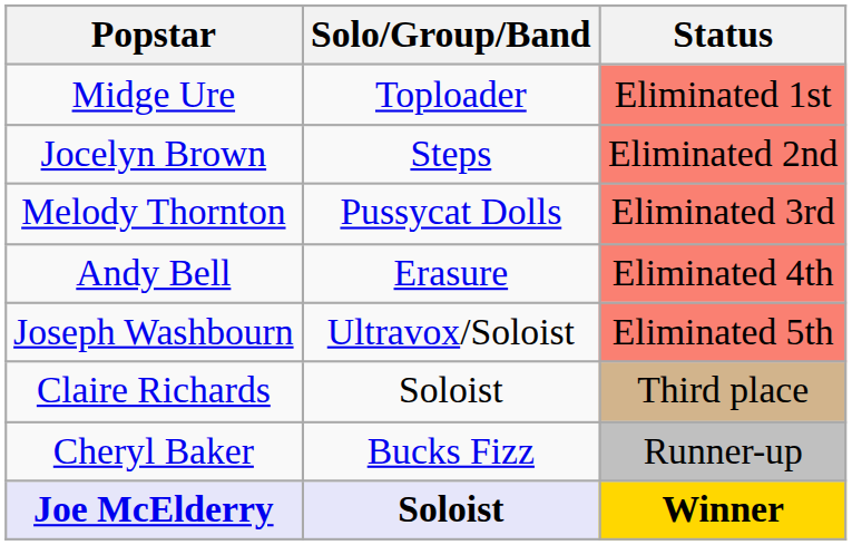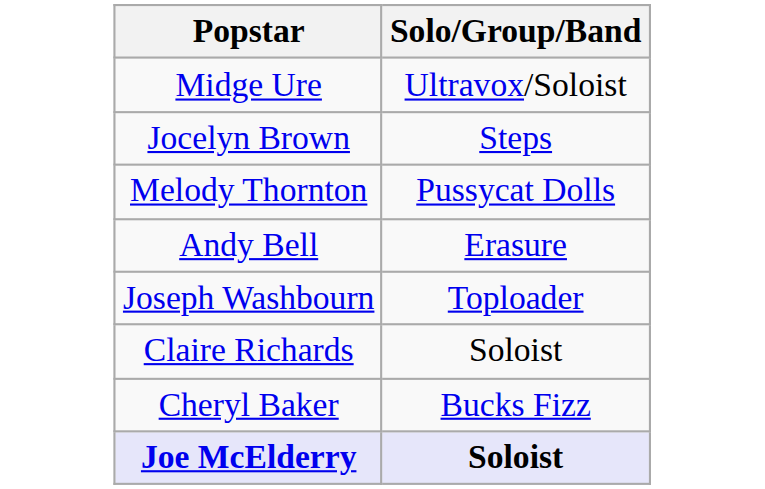 <table class="wikitable" style="margin: auto; text-align: center;">
 <tr>
 <th>Popstar</th>
 <th>Solo/Group/Band</th>
-<th>Status</th>
 </tr>
 <tr>
 <td><a href='#'>Midge Ure</a></td>
-<td><a href='#'>Toploader</a></td>
-<td style="background:salmon">Eliminated 1st</td>
+<td><a href='#'>Ultravox</a>/Soloist</td>
 </tr>
 <tr>
 <td><a href='#'>Jocelyn Brown</a></td>
 <td><a href='#'>Steps</a></td>
-<td style="background:salmon">Eliminated 2nd</td>
 </tr>
 <tr>
 <td><a href='#'>Melody Thornton</a></td>
 <td><a href='#'>Pussycat Dolls</a></td>
-<td style="background:salmon">Eliminated 3rd</td>
 </tr>
 <tr>
 <td><a href='#'>Andy Bell</a></td>
 <td><a href='#'>Erasure</a></td>
-<td style="background:salmon">Eliminated 4th</td>
 </tr>
 <tr>
 <td><a href='#'>Joseph Washbourn</a></td>
-<td><a href='#'>Ultravox</a>/Soloist</td>
-<td style="background:salmon">Eliminated 5th</td>
+<td><a href='#'>Toploader</a></td>
 </tr>
 <tr>
 <td><a href='#'>Claire Richards</a></td>
 <td>Soloist</td>
-<td style="background:tan">Third place</td>
 </tr>
 <tr>
 <td><a href='#'>Cheryl Baker</a></td>
 <td><a href='#'>Bucks Fizz</a></td>
-<td style="background:silver">Runner-up</td>
 </tr>
 <tr>
 <td style="background:lavender"><strong><a href='#'>Joe McElderry</a></strong></td>
 <td style="background:lavender"><strong>Soloist</strong></td>
-<td style="background:gold"><strong>Winner</strong></td>
 </tr>
 </table>
